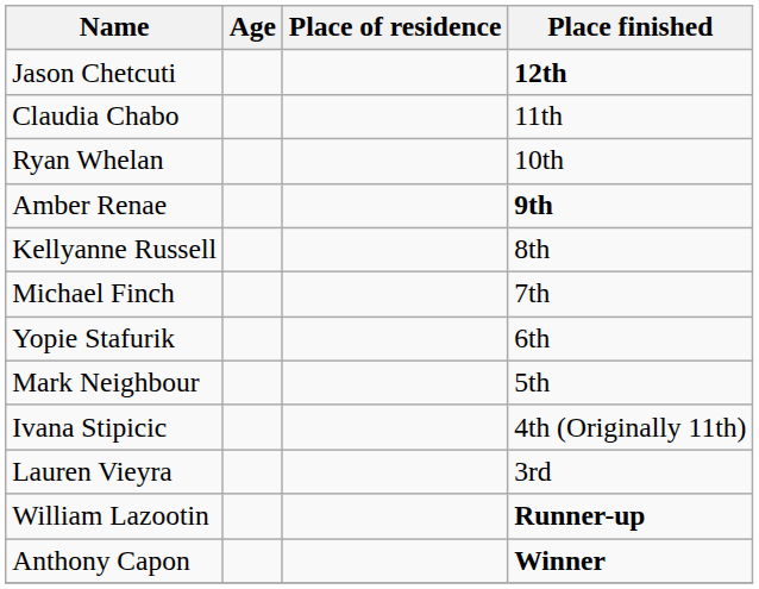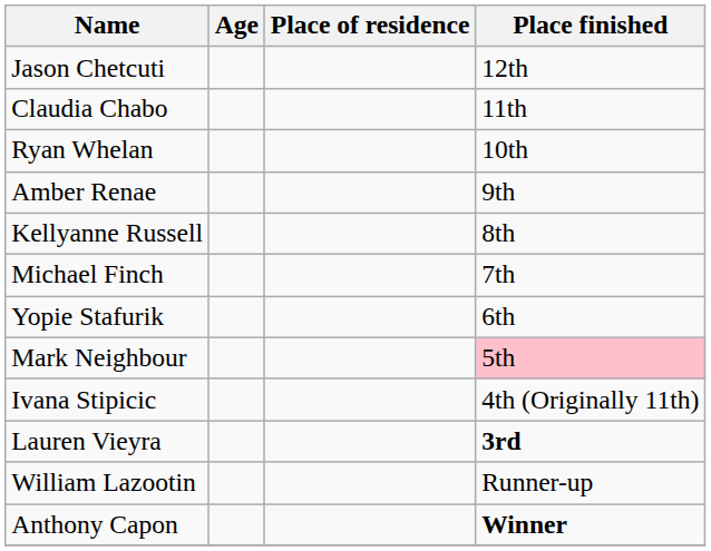 <table class="wikitable">
 <tr>
 <th>Name</th>
 <th>Age</th>
 <th>Place of residence</th>
 <th>Place finished</th>
 </tr>
 <tr>
 <td>Jason Chetcuti</td>
 <td></td>
 <td></td>
-<td><strong>12th</strong></td>
+<td>12th</td>
 </tr>
 <tr>
 <td>Claudia Chabo</td>
 <td></td>
 <td></td>
 <td>11th</td>
 </tr>
 <tr>
 <td>Ryan Whelan</td>
 <td></td>
 <td></td>
 <td>10th</td>
 </tr>
 <tr>
 <td>Amber Renae</td>
 <td></td>
 <td></td>
-<td><strong>9th</strong></td>
+<td>9th</td>
 </tr>
 <tr>
 <td>Kellyanne Russell</td>
 <td></td>
 <td></td>
 <td>8th</td>
 </tr>
 <tr>
 <td>Michael Finch</td>
 <td></td>
 <td></td>
 <td>7th</td>
 </tr>
 <tr>
 <td>Yopie Stafurik</td>
 <td></td>
 <td></td>
 <td>6th</td>
 </tr>
 <tr>
 <td>Mark Neighbour</td>
 <td></td>
 <td></td>
-<td>5th</td>
+<td style="background: pink;">5th</td>
 </tr>
 <tr>
 <td>Ivana Stipicic</td>
 <td></td>
 <td></td>
 <td>4th (Originally 11th)</td>
 </tr>
 <tr>
 <td>Lauren Vieyra</td>
 <td></td>
 <td></td>
-<td>3rd</td>
+<td><strong>3rd</strong></td>
 </tr>
 <tr>
 <td>William Lazootin</td>
 <td></td>
 <td></td>
-<td><strong>Runner-up</strong></td>
+<td>Runner-up</td>
 </tr>
 <tr>
 <td>Anthony Capon</td>
 <td></td>
 <td></td>
 <td><strong>Winner</strong></td>
 </tr>
 <tr>
 </tr>
 </table>
